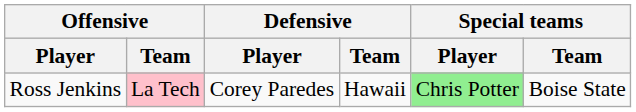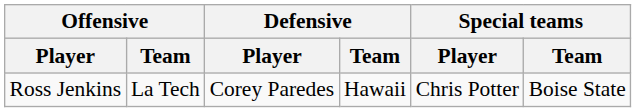 <table class="wikitable">
 <tr>
 <th colspan="2">Offensive</th>
 <th colspan="2">Defensive</th>
 <th colspan="2">Special teams</th>
 </tr>
 <tr>
 <th>Player</th>
 <th>Team</th>
 <th>Player</th>
 <th>Team</th>
 <th>Player</th>
 <th>Team</th>
 </tr>
 <tr>
 <td>Ross Jenkins</td>
-<td style="background: pink;">La Tech</td>
+<td>La Tech</td>
 <td>Corey Paredes</td>
 <td>Hawaii</td>
-<td style="background: lightgreen;">Chris Potter</td>
+<td>Chris Potter</td>
 <td>Boise State</td>
 </tr>
 </table>
